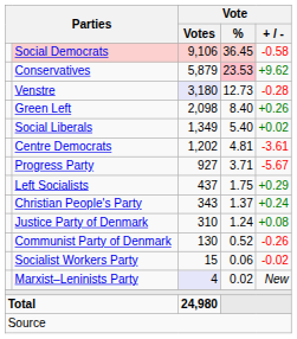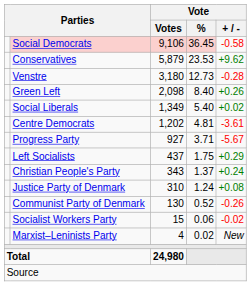 <table class="wikitable" style="text-align:right;">
 <tr>
 <th style="text-align:centre;" rowspan="2" colspan="2" width="225">Parties</th>
 <th colspan="3">Vote</th>
 </tr>
 <tr>
 <th width="15">Votes</th>
 <th width="15">%</th>
 <th width="15">+ / -</th>
 </tr>
 <tr>
 <td width="2" style="color:inherit;background:"></td>
 <td bgcolor=#fbd0ce  align="left"><a href='#'>Social Democrats</a></td>
 <td bgcolor=#fbd0ce>9,106</td>
 <td bgcolor=#fbd0ce>36.45</td>
 <td style=color:red;>-0.58</td>
 </tr>
 <tr>
 <td width="2" style="color:inherit;background:"></td>
 <td align="left"><a href='#'>Conservatives</a></td>
 <td>5,879</td>
-<td style="background: pink;">23.53</td>
+<td>23.53</td>
 <td style=color:green;>+9.62</td>
 </tr>
 <tr>
 <td width="2" style="color:inherit;background:"></td>
 <td align="left"><a href='#'>Venstre</a></td>
-<td style="background: lavender;">3,180</td>
+<td>3,180</td>
 <td>12.73</td>
 <td style=color:red;>-0.28</td>
 </tr>
 <tr>
 <td width="2" style="color:inherit;background:"></td>
 <td align="left"><a href='#'>Green Left</a></td>
 <td>2,098</td>
 <td>8.40</td>
 <td style=color:green;>+0.26</td>
 </tr>
 <tr>
 <td width="2" style="color:inherit;background:"></td>
 <td align="left"><a href='#'>Social Liberals</a></td>
 <td>1,349</td>
 <td>5.40</td>
 <td style=color:green;>+0.02</td>
 </tr>
 <tr>
 <td width="2" style="color:inherit;background:"></td>
 <td align="left"><a href='#'>Centre Democrats</a></td>
 <td>1,202</td>
 <td>4.81</td>
 <td style=color:red;>-3.61</td>
 </tr>
 <tr>
 <td width="2" style="color:inherit;background:"></td>
 <td align="left"><a href='#'>Progress Party</a></td>
 <td>927</td>
 <td>3.71</td>
 <td style=color:red;>-5.67</td>
 </tr>
 <tr>
 <td width="2" style="color:inherit;background:"></td>
 <td align="left"><a href='#'>Left Socialists</a></td>
 <td>437</td>
 <td>1.75</td>
 <td style=color:green;>+0.29</td>
 </tr>
 <tr>
 <td width="2" style="color:inherit;background:"></td>
 <td align="left"><a href='#'>Christian People's Party</a></td>
 <td>343</td>
 <td>1.37</td>
 <td style=color:green;>+0.24</td>
 </tr>
 <tr>
 <td width="2" style="color:inherit;background:"></td>
 <td align="left"><a href='#'>Justice Party of Denmark</a></td>
 <td>310</td>
 <td>1.24</td>
 <td style=color:green;>+0.08</td>
 </tr>
 <tr>
 <td width="2" style="color:inherit;background:"></td>
 <td align="left"><a href='#'>Communist Party of Denmark</a></td>
 <td>130</td>
 <td>0.52</td>
 <td style=color:red;>-0.26</td>
 </tr>
 <tr>
 <td width="2" style="color:inherit;background:"></td>
 <td align="left"><a href='#'>Socialist Workers Party</a></td>
 <td>15</td>
 <td>0.06</td>
 <td style=color:red;>-0.02</td>
 </tr>
 <tr>
 <td width="2" style="color:inherit;background:"></td>
 <td align="left"><a href='#'>Marxist–Leninists Party</a></td>
-<td style="background: lavender;">4</td>
+<td>4</td>
 <td>0.02</td>
 <td><em>New</em></td>
 </tr>
 <tr>
 <td colspan="7" bgcolor="#E9E9E9"></td>
 </tr>
 <tr>
 <td align="left" colspan="2"><strong>Total</strong></td>
 <td><strong>24,980</strong></td>
 <td bgcolor="#E9E9E9" colspan="2"></td>
 </tr>
 <tr>
 <td align="left" colspan="6">Source</td>
 </tr>
 </table>
